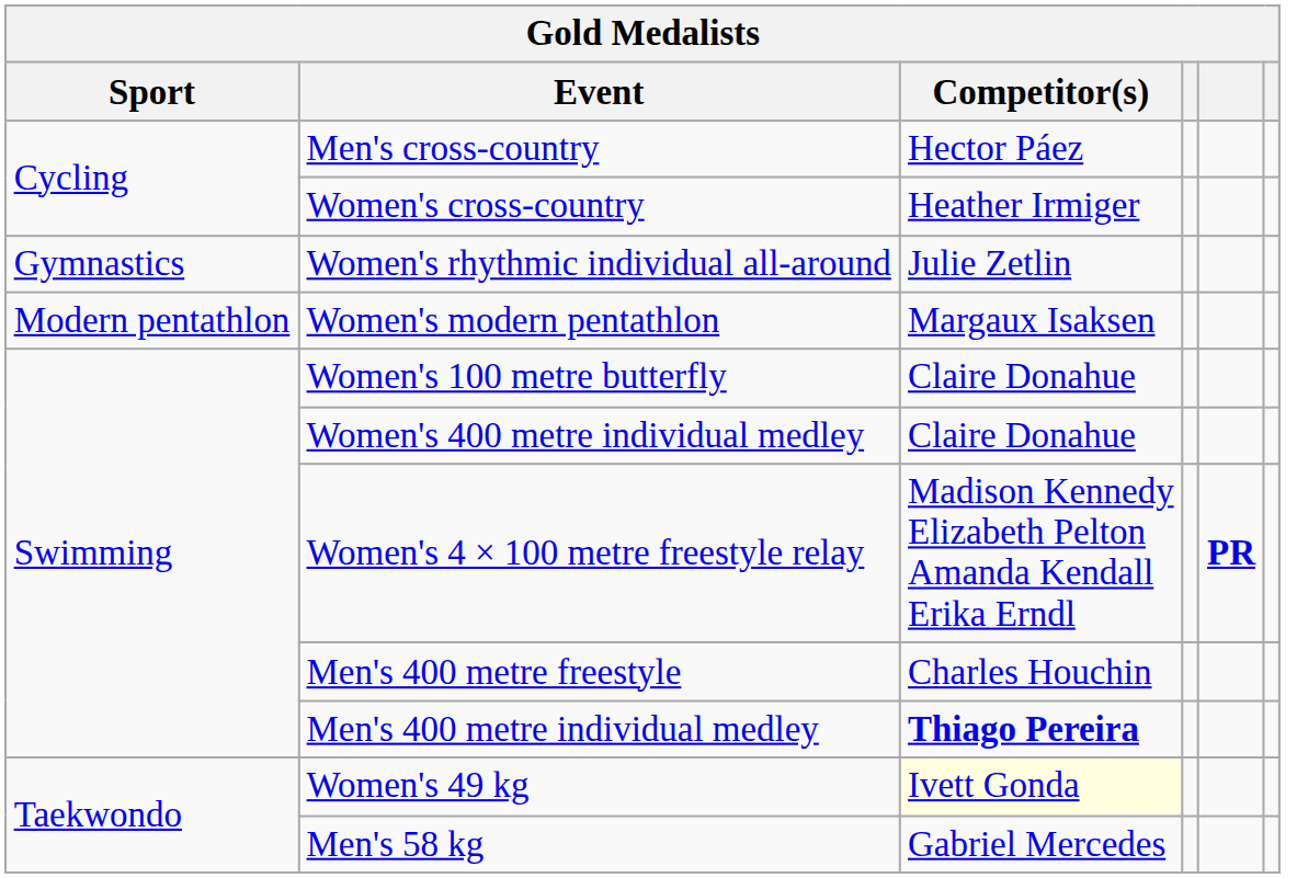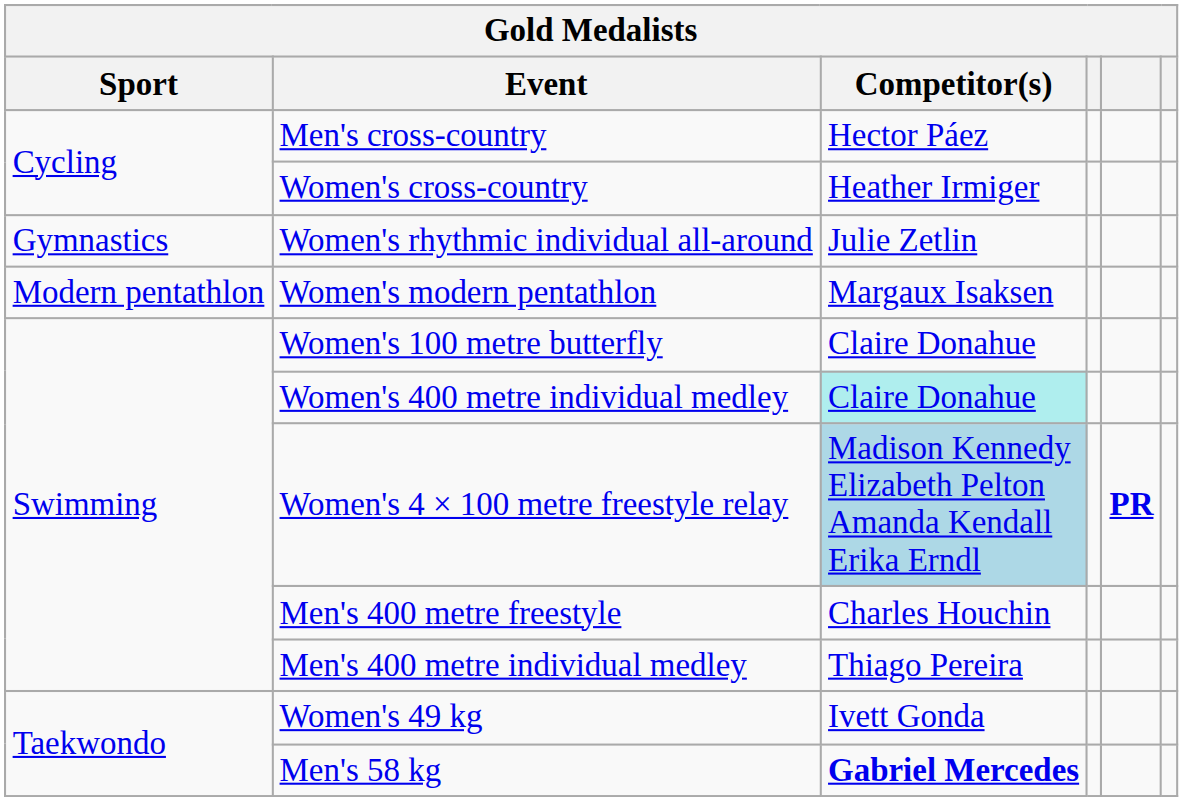 <table class="wikitable">
 <tr>
 <th colspan="14">Gold Medalists</th>
 </tr>
 <tr>
 <th>Sport</th>
 <th>Event</th>
 <th>Competitor(s)</th>
 <th></th>
 <th></th>
 <th></th>
 </tr>
 <tr>
 <td rowspan="2"><a href='#'>Cycling</a></td>
 <td><a href='#'>Men's cross-country</a></td>
 <td><a href='#'>Hector Páez</a></td>
 <td></td>
 <td></td>
 <td></td>
 </tr>
 <tr>
 <td><a href='#'>Women's cross-country</a></td>
 <td><a href='#'>Heather Irmiger</a></td>
 <td></td>
 <td></td>
 <td></td>
 </tr>
 <tr>
 <td><a href='#'>Gymnastics</a></td>
 <td><a href='#'>Women's rhythmic individual all-around</a></td>
 <td><a href='#'>Julie Zetlin</a></td>
 <td></td>
 <td></td>
 <td></td>
 </tr>
 <tr>
 <td><a href='#'>Modern pentathlon</a></td>
 <td><a href='#'>Women's modern pentathlon</a></td>
 <td><a href='#'>Margaux Isaksen</a></td>
 <td></td>
 <td></td>
 <td></td>
 </tr>
 <tr>
 <td rowspan="5"><a href='#'>Swimming</a></td>
 <td><a href='#'>Women's 100 metre butterfly</a></td>
 <td><a href='#'>Claire Donahue</a></td>
 <td></td>
 <td></td>
 <td></td>
 </tr>
 <tr>
 <td><a href='#'>Women's 400 metre individual medley</a></td>
-<td><a href='#'>Claire Donahue</a></td>
+<td style="background: paleturquoise;"><a href='#'>Claire Donahue</a></td>
 <td></td>
 <td></td>
 <td></td>
 </tr>
 <tr>
 <td><a href='#'>Women's 4 × 100 metre freestyle relay</a></td>
-<td><a href='#'>Madison Kennedy</a><br><a href='#'>Elizabeth Pelton</a><br><a href='#'>Amanda Kendall</a><br><a href='#'>Erika Erndl</a></td>
+<td style="background: lightblue;"><a href='#'>Madison Kennedy</a><br><a href='#'>Elizabeth Pelton</a><br><a href='#'>Amanda Kendall</a><br><a href='#'>Erika Erndl</a></td>
 <td></td>
 <td><strong><a href='#'>PR</a></strong></td>
 <td></td>
 </tr>
 <tr>
 <td><a href='#'>Men's 400 metre freestyle</a></td>
 <td><a href='#'>Charles Houchin</a></td>
 <td></td>
 <td></td>
 <td></td>
 </tr>
 <tr>
 <td><a href='#'>Men's 400 metre individual medley</a></td>
-<td><strong><a href='#'>Thiago Pereira</a></strong></td>
+<td><a href='#'>Thiago Pereira</a></td>
 <td></td>
 <td></td>
 <td></td>
 </tr>
 <tr>
 <td rowspan="2"><a href='#'>Taekwondo</a></td>
 <td><a href='#'>Women's 49 kg</a></td>
-<td style="background: lightyellow;"><a href='#'>Ivett Gonda</a></td>
+<td><a href='#'>Ivett Gonda</a></td>
 <td></td>
 <td></td>
 <td></td>
 </tr>
 <tr>
 <td><a href='#'>Men's 58 kg</a></td>
-<td><a href='#'>Gabriel Mercedes</a></td>
+<td><strong><a href='#'>Gabriel Mercedes</a></strong></td>
 <td></td>
 <td></td>
 <td></td>
 </tr>
 </table>
